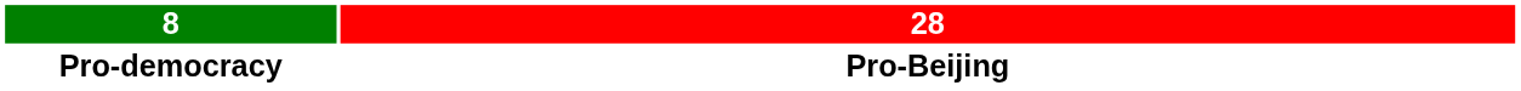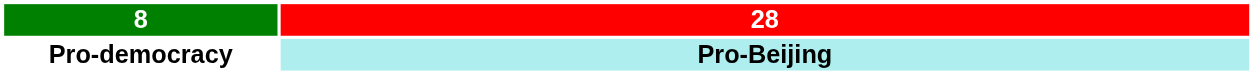 <table style="width:50%; text-align:center;">
 <tr style="color:white;">
 <td style="background:green; width:22%;"><strong>8</strong></td>
 <td style="background:red; width:78%;"><strong>28</strong></td>
 </tr>
 <tr>
 <td><span><strong>Pro-democracy</strong></span></td>
-<td><span><strong>Pro-Beijing</strong></span></td>
+<td style="background: paleturquoise;"><span><strong>Pro-Beijing</strong></span></td>
 </tr>
 </table>
